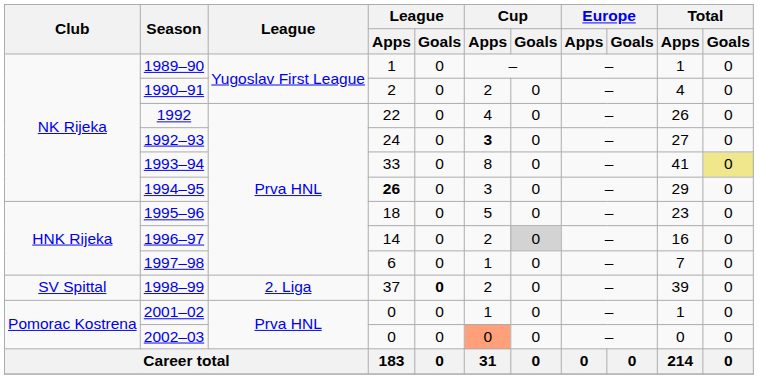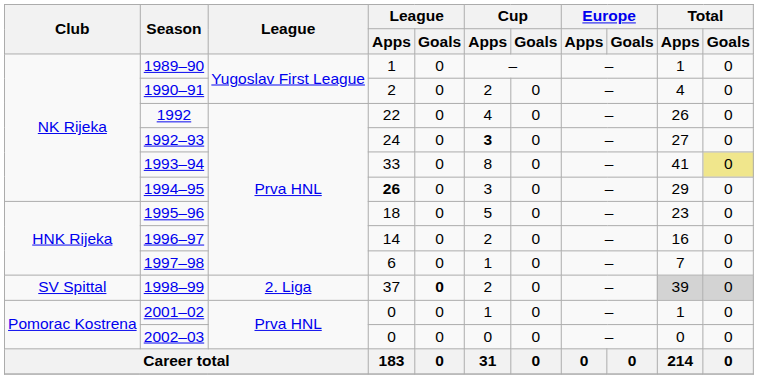 <table class="wikitable" style="font-size:100%; text-align: center">
 <tr>
 <th rowspan="2">Club</th>
 <th rowspan="2">Season</th>
 <th rowspan="2">League</th>
 <th colspan="2">League</th>
 <th colspan="2">Cup</th>
 <th colspan="2"><a href='#'>Europe</a></th>
 <th colspan="2">Total</th>
 </tr>
 <tr>
 <th>Apps</th>
 <th>Goals</th>
 <th>Apps</th>
 <th>Goals</th>
 <th>Apps</th>
 <th>Goals</th>
 <th>Apps</th>
 <th>Goals</th>
 </tr>
 <tr>
 <td rowspan="6" valign="center"><a href='#'>NK Rijeka</a></td>
 <td><a href='#'>1989–90</a></td>
 <td rowspan="2" valign="center"><a href='#'>Yugoslav First League</a></td>
 <td>1</td>
 <td>0</td>
 <td colspan="2">–</td>
 <td colspan="2">–</td>
 <td>1</td>
 <td>0</td>
 </tr>
 <tr>
 <td><a href='#'>1990–91</a></td>
 <td>2</td>
 <td>0</td>
 <td>2</td>
 <td>0</td>
 <td colspan="2">–</td>
 <td>4</td>
 <td>0</td>
 </tr>
 <tr>
 <td><a href='#'>1992</a></td>
 <td rowspan="7" valign="center"><a href='#'>Prva HNL</a></td>
 <td>22</td>
 <td>0</td>
 <td>4</td>
 <td>0</td>
 <td colspan="2">–</td>
 <td>26</td>
 <td>0</td>
 </tr>
 <tr>
 <td><a href='#'>1992–93</a></td>
 <td>24</td>
 <td>0</td>
 <td><strong>3</strong></td>
 <td>0</td>
 <td colspan="2">–</td>
 <td>27</td>
 <td>0</td>
 </tr>
 <tr>
 <td><a href='#'>1993–94</a></td>
 <td>33</td>
 <td>0</td>
 <td>8</td>
 <td>0</td>
 <td colspan="2">–</td>
 <td>41</td>
 <td style="background: khaki;">0</td>
 </tr>
 <tr>
 <td><a href='#'>1994–95</a></td>
 <td><strong>26</strong></td>
 <td>0</td>
 <td>3</td>
 <td>0</td>
 <td colspan="2">–</td>
 <td>29</td>
 <td>0</td>
 </tr>
 <tr>
 <td rowspan="3" valign="center"><a href='#'>HNK Rijeka</a></td>
 <td><a href='#'>1995–96</a></td>
 <td>18</td>
 <td>0</td>
 <td>5</td>
 <td>0</td>
 <td colspan="2">–</td>
 <td>23</td>
 <td>0</td>
 </tr>
 <tr>
 <td><a href='#'>1996–97</a></td>
 <td>14</td>
 <td>0</td>
 <td>2</td>
-<td style="background: lightgrey;">0</td>
+<td>0</td>
 <td colspan="2">–</td>
 <td>16</td>
 <td>0</td>
 </tr>
 <tr>
 <td><a href='#'>1997–98</a></td>
 <td>6</td>
 <td>0</td>
 <td>1</td>
 <td>0</td>
 <td colspan="2">–</td>
 <td>7</td>
 <td>0</td>
 </tr>
 <tr>
 <td rowspan="1" valign="center"><a href='#'>SV Spittal</a></td>
 <td><a href='#'>1998–99</a></td>
 <td rowspan="1" valign="center"><a href='#'>2. Liga</a></td>
 <td>37</td>
 <td><strong>0</strong></td>
 <td>2</td>
 <td>0</td>
 <td colspan="2">–</td>
-<td>39</td>
-<td>0</td>
+<td style="background: lightgrey;">39</td>
+<td style="background: lightgrey;">0</td>
 </tr>
 <tr>
 <td rowspan="2" valign="center"><a href='#'>Pomorac Kostrena</a></td>
 <td><a href='#'>2001–02</a></td>
 <td rowspan="2" valign="center"><a href='#'>Prva HNL</a></td>
 <td>0</td>
 <td>0</td>
 <td>1</td>
 <td>0</td>
 <td colspan="2">–</td>
 <td>1</td>
 <td>0</td>
 </tr>
 <tr>
 <td><a href='#'>2002–03</a></td>
 <td>0</td>
 <td>0</td>
-<td style="background: lightsalmon;">0</td>
+<td>0</td>
 <td>0</td>
 <td colspan="2">–</td>
 <td>0</td>
 <td>0</td>
 </tr>
 <tr>
 <th colspan="3" valign="center">Career total</th>
 <th>183</th>
 <th>0</th>
 <th>31</th>
 <th>0</th>
 <th>0</th>
 <th>0</th>
 <th>214</th>
 <th>0</th>
 </tr>
 <tr>
 </tr>
 </table>
